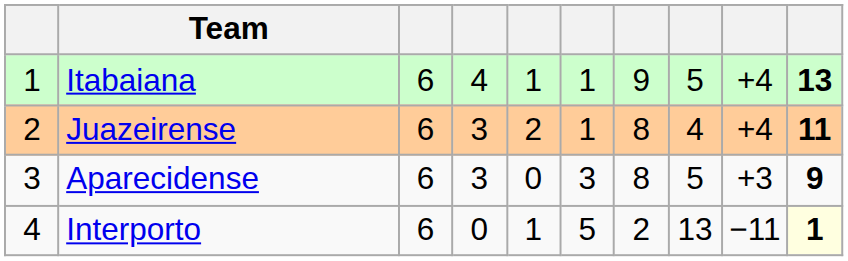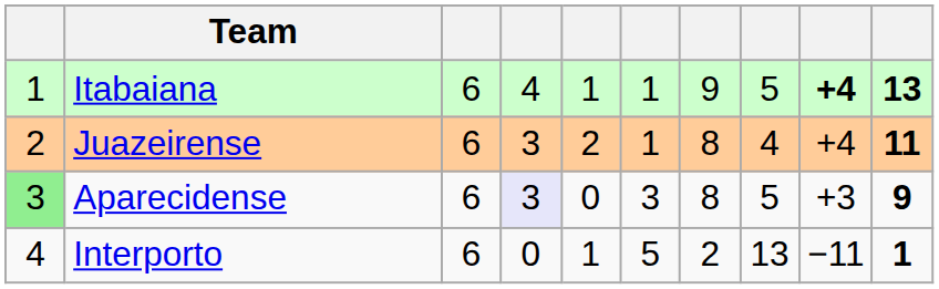 <table class="wikitable" style="text-align: center;">
 <tr>
 <th width=20></th>
 <th width=165>Team</th>
 <th width=20></th>
 <th width=20></th>
 <th width=20></th>
 <th width=20></th>
 <th width=20></th>
 <th width=20></th>
 <th width=20></th>
 <th width=20></th>
 </tr>
 <tr bgcolor=#ccffcc>
 <td>1</td>
 <td align=left> <a href='#'>Itabaiana</a></td>
 <td>6</td>
 <td>4</td>
 <td>1</td>
 <td>1</td>
 <td>9</td>
 <td>5</td>
-<td>+4</td>
+<td><strong>+4</strong></td>
 <td><strong>13</strong></td>
 </tr>
 <tr bgcolor=#ffcc99>
 <td>2</td>
 <td align=left> <a href='#'>Juazeirense</a></td>
 <td>6</td>
 <td>3</td>
 <td>2</td>
 <td>1</td>
 <td>8</td>
 <td>4</td>
 <td>+4</td>
 <td><strong>11</strong></td>
 </tr>
 <tr>
-<td>3</td>
+<td style="background: lightgreen;">3</td>
 <td align=left> <a href='#'>Aparecidense</a></td>
 <td>6</td>
-<td>3</td>
+<td style="background: lavender;">3</td>
 <td>0</td>
 <td>3</td>
 <td>8</td>
 <td>5</td>
 <td>+3</td>
 <td><strong>9</strong></td>
 </tr>
 <tr>
 <td>4</td>
 <td align=left> <a href='#'>Interporto</a></td>
 <td>6</td>
 <td>0</td>
 <td>1</td>
 <td>5</td>
 <td>2</td>
 <td>13</td>
 <td>−11</td>
-<td style="background: lightyellow;"><strong>1</strong></td>
+<td><strong>1</strong></td>
 </tr>
 </table>
